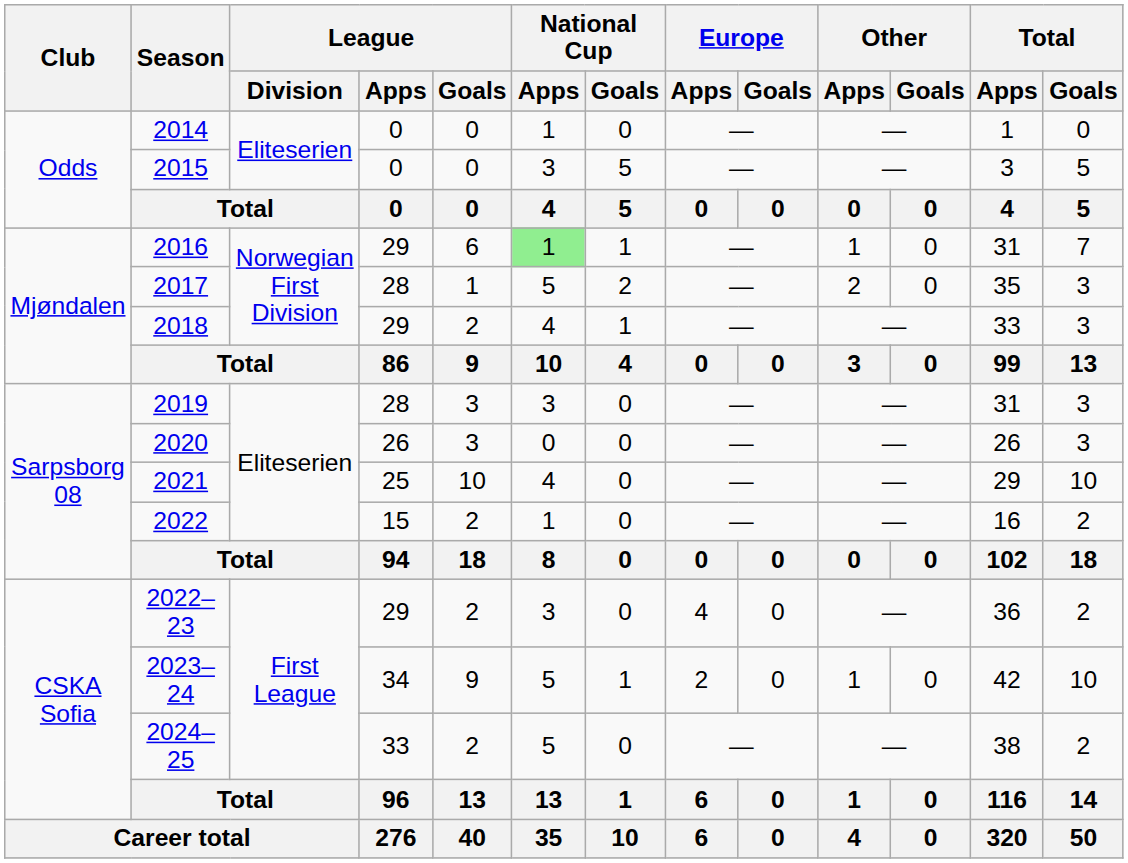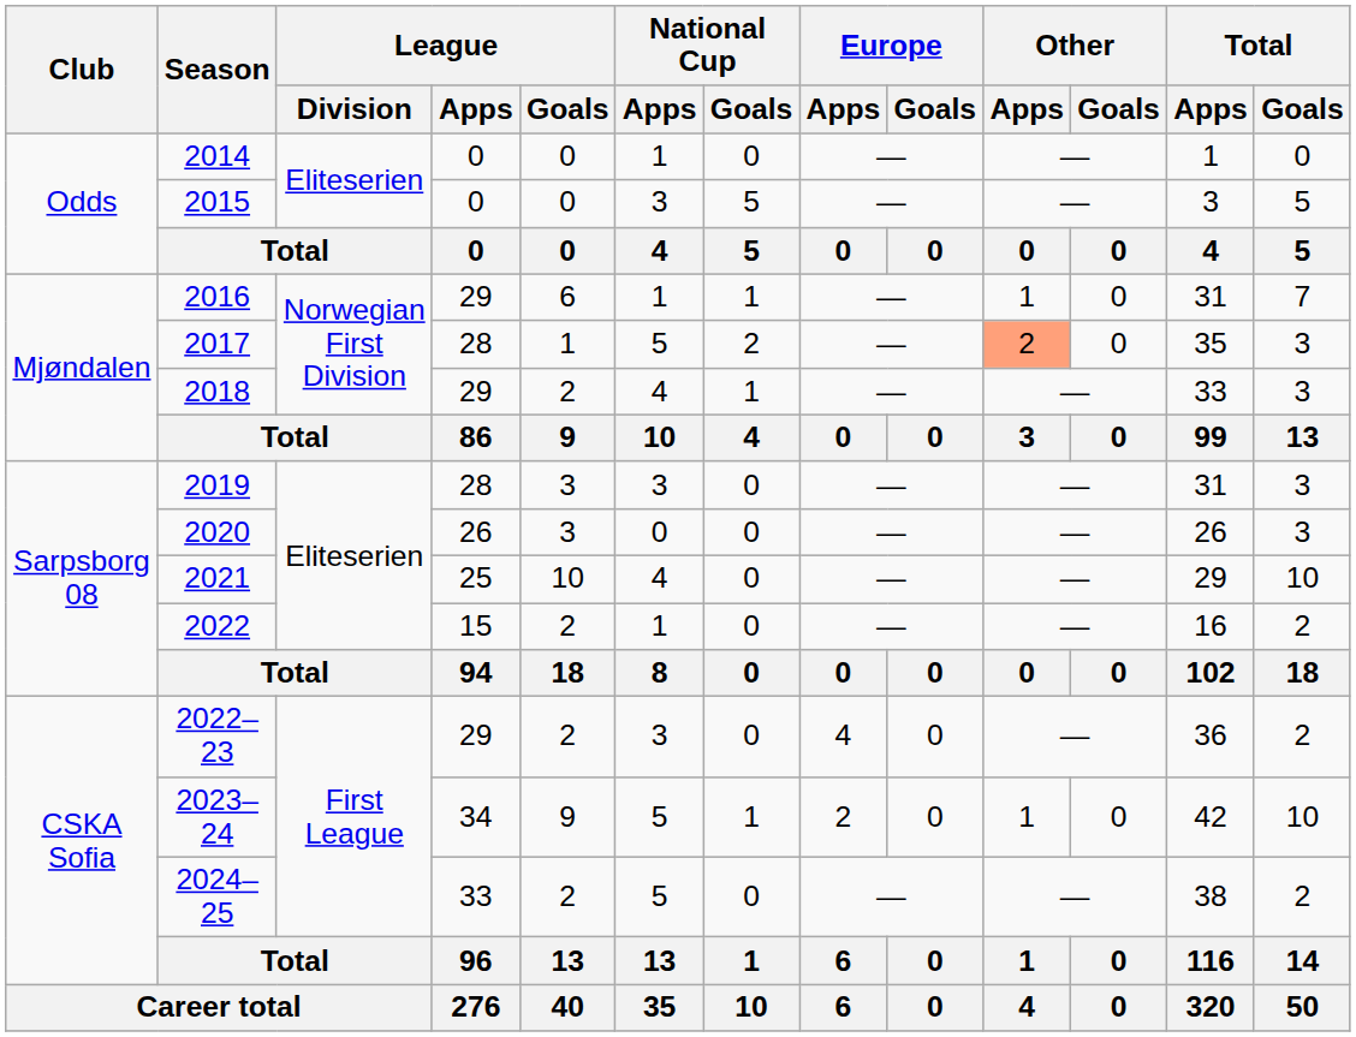 <table class="wikitable" style="text-align:center">
 <tr>
 <th rowspan="2">Club</th>
 <th rowspan="2">Season</th>
 <th colspan="3">League</th>
 <th colspan="2">National Cup</th>
 <th colspan="2"><a href='#'>Europe</a></th>
 <th colspan="2">Other</th>
 <th colspan="2">Total</th>
 </tr>
 <tr>
 <th>Division</th>
 <th>Apps</th>
 <th>Goals</th>
 <th>Apps</th>
 <th>Goals</th>
 <th>Apps</th>
 <th>Goals</th>
 <th>Apps</th>
 <th>Goals</th>
 <th>Apps</th>
 <th>Goals</th>
 </tr>
 <tr>
 <td rowspan=3><a href='#'>Odds</a></td>
 <td><a href='#'>2014</a></td>
 <td rowspan=2><a href='#'>Eliteserien</a></td>
 <td>0</td>
 <td>0</td>
 <td>1</td>
 <td>0</td>
 <td colspan="2">—</td>
 <td colspan="2">—</td>
 <td>1</td>
 <td>0</td>
 </tr>
 <tr>
 <td><a href='#'>2015</a></td>
 <td>0</td>
 <td>0</td>
 <td>3</td>
 <td>5</td>
 <td colspan="2">—</td>
 <td colspan="2">—</td>
 <td>3</td>
 <td>5</td>
 </tr>
 <tr>
 <th colspan="2">Total</th>
 <th>0</th>
 <th>0</th>
 <th>4</th>
 <th>5</th>
 <th>0</th>
 <th>0</th>
 <th>0</th>
 <th>0</th>
 <th>4</th>
 <th>5</th>
 </tr>
 <tr>
 <td rowspan=4><a href='#'>Mjøndalen</a></td>
 <td><a href='#'>2016</a></td>
 <td rowspan=3><a href='#'>Norwegian First Division</a></td>
 <td>29</td>
 <td>6</td>
-<td style="background: lightgreen;">1</td>
+<td>1</td>
 <td>1</td>
 <td colspan="2">—</td>
 <td>1</td>
 <td>0</td>
 <td>31</td>
 <td>7</td>
 </tr>
 <tr>
 <td><a href='#'>2017</a></td>
 <td>28</td>
 <td>1</td>
 <td>5</td>
 <td>2</td>
 <td colspan="2">—</td>
-<td>2</td>
+<td style="background: lightsalmon;">2</td>
 <td>0</td>
 <td>35</td>
 <td>3</td>
 </tr>
 <tr>
 <td><a href='#'>2018</a></td>
 <td>29</td>
 <td>2</td>
 <td>4</td>
 <td>1</td>
 <td colspan="2">—</td>
 <td colspan="2">—</td>
 <td>33</td>
 <td>3</td>
 </tr>
 <tr>
 <th colspan="2">Total</th>
 <th>86</th>
 <th>9</th>
 <th>10</th>
 <th>4</th>
 <th>0</th>
 <th>0</th>
 <th>3</th>
 <th>0</th>
 <th>99</th>
 <th>13</th>
 </tr>
 <tr>
 <td rowspan=5><a href='#'>Sarpsborg 08</a></td>
 <td><a href='#'>2019</a></td>
 <td rowspan=4>Eliteserien</td>
 <td>28</td>
 <td>3</td>
 <td>3</td>
 <td>0</td>
 <td colspan="2">—</td>
 <td colspan="2">—</td>
 <td>31</td>
 <td>3</td>
 </tr>
 <tr>
 <td><a href='#'>2020</a></td>
 <td>26</td>
 <td>3</td>
 <td>0</td>
 <td>0</td>
 <td colspan="2">—</td>
 <td colspan="2">—</td>
 <td>26</td>
 <td>3</td>
 </tr>
 <tr>
 <td><a href='#'>2021</a></td>
 <td>25</td>
 <td>10</td>
 <td>4</td>
 <td>0</td>
 <td colspan="2">—</td>
 <td colspan="2">—</td>
 <td>29</td>
 <td>10</td>
 </tr>
 <tr>
 <td><a href='#'>2022</a></td>
 <td>15</td>
 <td>2</td>
 <td>1</td>
 <td>0</td>
 <td colspan="2">—</td>
 <td colspan="2">—</td>
 <td>16</td>
 <td>2</td>
 </tr>
 <tr>
 <th colspan="2">Total</th>
 <th>94</th>
 <th>18</th>
 <th>8</th>
 <th>0</th>
 <th>0</th>
 <th>0</th>
 <th>0</th>
 <th>0</th>
 <th>102</th>
 <th>18</th>
 </tr>
 <tr>
 <td rowspan=4><a href='#'>CSKA Sofia</a></td>
 <td><a href='#'>2022–23</a></td>
 <td rowspan=3><a href='#'>First League</a></td>
 <td>29</td>
 <td>2</td>
 <td>3</td>
 <td>0</td>
 <td>4</td>
 <td>0</td>
 <td colspan="2">—</td>
 <td>36</td>
 <td>2</td>
 </tr>
 <tr>
 <td><a href='#'>2023–24</a></td>
 <td>34</td>
 <td>9</td>
 <td>5</td>
 <td>1</td>
 <td>2</td>
 <td>0</td>
 <td>1</td>
 <td>0</td>
 <td>42</td>
 <td>10</td>
 </tr>
 <tr>
 <td><a href='#'>2024–25</a></td>
 <td>33</td>
 <td>2</td>
 <td>5</td>
 <td>0</td>
 <td colspan="2">—</td>
 <td colspan="2">—</td>
 <td>38</td>
 <td>2</td>
 </tr>
 <tr>
 <th colspan="2">Total</th>
 <th>96</th>
 <th>13</th>
 <th>13</th>
 <th>1</th>
 <th>6</th>
 <th>0</th>
 <th>1</th>
 <th>0</th>
 <th>116</th>
 <th>14</th>
 </tr>
 <tr>
 <th colspan="3">Career total</th>
 <th>276</th>
 <th>40</th>
 <th>35</th>
 <th>10</th>
 <th>6</th>
 <th>0</th>
 <th>4</th>
 <th>0</th>
 <th>320</th>
 <th>50</th>
 </tr>
 </table>
